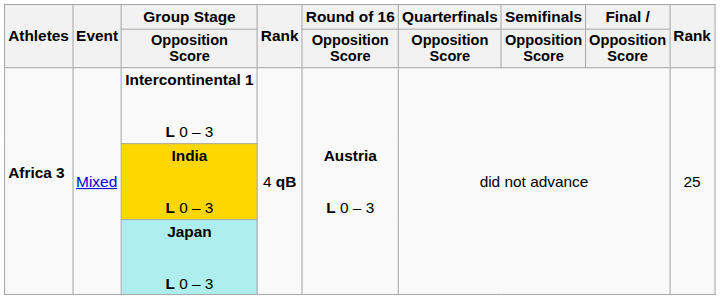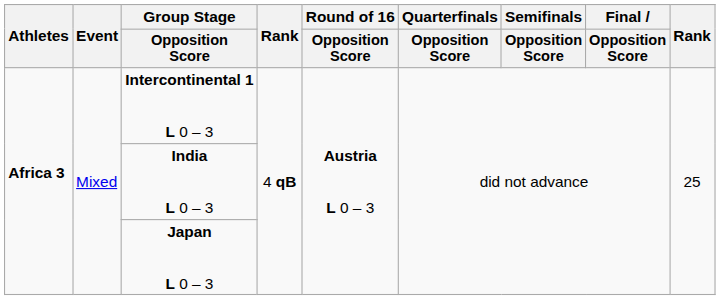 <table class=wikitable style="font-size:90%">
 <tr>
 <th rowspan="2">Athletes</th>
 <th rowspan="2">Event</th>
 <th>Group Stage</th>
 <th rowspan="2">Rank</th>
 <th>Round of 16</th>
 <th>Quarterfinals</th>
 <th>Semifinals</th>
 <th>Final / </th>
 <th rowspan=2>Rank</th>
 </tr>
 <tr style="font-size:95%">
 <th>Opposition<br>Score</th>
 <th>Opposition<br>Score</th>
 <th>Opposition<br>Score</th>
 <th>Opposition<br>Score</th>
 <th>Opposition<br>Score</th>
 </tr>
 <tr align=center>
 <td align=left rowspan=3><strong>Africa 3</strong><br><br></td>
 <td align=left rowspan=3><a href='#'>Mixed</a></td>
 <td><strong>Intercontinental 1</strong><br><br><br><strong>L</strong> 0 – 3</td>
 <td rowspan=3>4 <strong>qB</strong></td>
 <td rowspan=3><strong>Austria</strong><br><br><br><strong>L</strong> 0 – 3</td>
 <td rowspan=3 colspan=3>did not advance</td>
 <td rowspan=3>25</td>
 </tr>
 <tr align=center>
-<td style="background: gold;"><strong>India</strong><br><br><br><strong>L</strong> 0 – 3</td>
+<td><strong>India</strong><br><br><br><strong>L</strong> 0 – 3</td>
 </tr>
 <tr align=center>
-<td style="background: paleturquoise;"><strong>Japan</strong><br><br><br><strong>L</strong> 0 – 3</td>
+<td><strong>Japan</strong><br><br><br><strong>L</strong> 0 – 3</td>
 </tr>
 </table>
